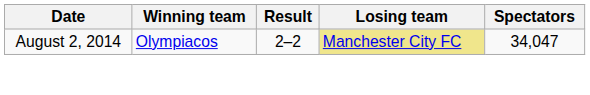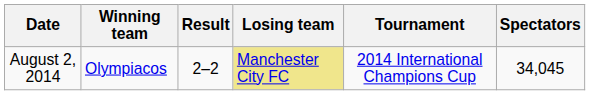 <table class="wikitable" style="text-align:left; width:95%;" style="text-align:center">
 <tr>
 <th>Date</th>
 <th>Winning team</th>
 <th>Result</th>
 <th>Losing team</th>
+<th>Tournament</th>
 <th>Spectators</th>
 </tr>
 <tr>
 <td style="text-align:center;">August 2, 2014</td>
 <td> <a href='#'>Olympiacos</a></td>
 <td style="text-align:center;">2–2</td>
 <td style="background: khaki;"> <a href='#'>Manchester City FC</a></td>
-<td style="text-align:center;">34,047</td>
+<td style="text-align:center;"><a href='#'>2014 International Champions Cup</a></td>
+<td style="text-align:center;">34,045</td>
 </tr>
 </table>
